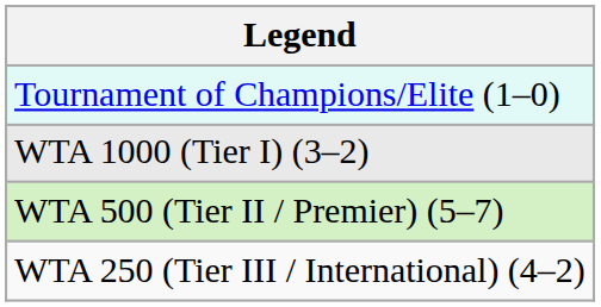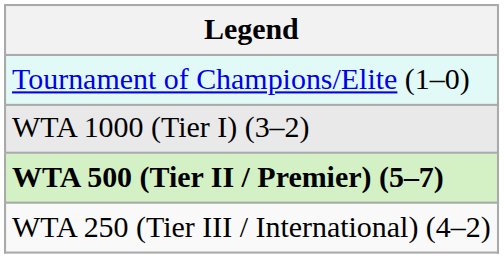 <table class=wikitable style=font-size:90%>
 <tr>
 <th>Legend</th>
 </tr>
 <tr>
 <td bgcolor=#E2FAF7><a href='#'>Tournament of Champions/Elite</a> (1–0)</td>
 </tr>
 <tr>
 <td bgcolor="e9e9e9">WTA 1000 (Tier I) (3–2)</td>
 </tr>
 <tr>
-<td style="background:#d4f1c5;">WTA 500 (Tier II / Premier) (5–7)</td>
+<td style="background:#d4f1c5;"><strong>WTA 500 (Tier II / Premier) (5–7)</strong></td>
 </tr>
 <tr>
 <td>WTA 250 (Tier III / International) (4–2)</td>
 </tr>
 </table>
